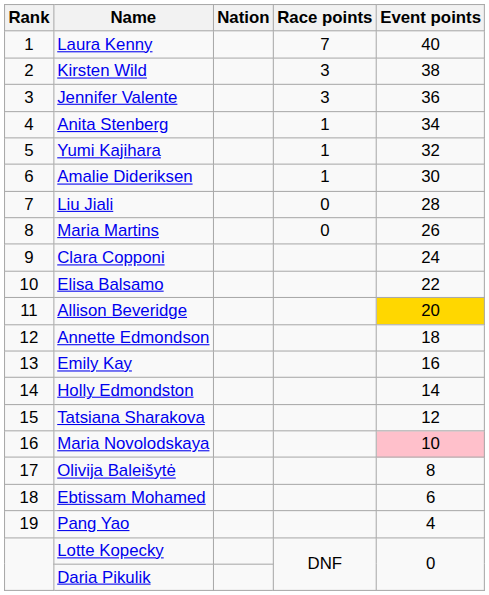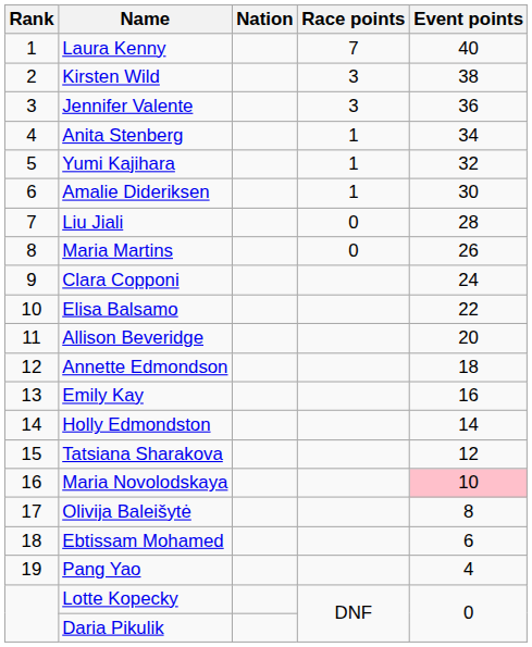 <table class="wikitable sortable" style="text-align:center">
 <tr>
 <th>Rank</th>
 <th>Name</th>
 <th>Nation</th>
 <th>Race points</th>
 <th>Event points</th>
 </tr>
 <tr>
 <td>1</td>
 <td align=left><a href='#'>Laura Kenny</a></td>
 <td align=left></td>
 <td>7</td>
 <td>40</td>
 </tr>
 <tr>
 <td>2</td>
 <td align=left><a href='#'>Kirsten Wild</a></td>
 <td align=left></td>
 <td>3</td>
 <td>38</td>
 </tr>
 <tr>
 <td>3</td>
 <td align=left><a href='#'>Jennifer Valente</a></td>
 <td align=left></td>
 <td>3</td>
 <td>36</td>
 </tr>
 <tr>
 <td>4</td>
 <td align=left><a href='#'>Anita Stenberg</a></td>
 <td align=left></td>
 <td>1</td>
 <td>34</td>
 </tr>
 <tr>
 <td>5</td>
 <td align=left><a href='#'>Yumi Kajihara</a></td>
 <td align=left></td>
 <td>1</td>
 <td>32</td>
 </tr>
 <tr>
 <td>6</td>
 <td align=left><a href='#'>Amalie Dideriksen</a></td>
 <td align=left></td>
 <td>1</td>
 <td>30</td>
 </tr>
 <tr>
 <td>7</td>
 <td align=left><a href='#'>Liu Jiali</a></td>
 <td align=left></td>
 <td>0</td>
 <td>28</td>
 </tr>
 <tr>
 <td>8</td>
 <td align=left><a href='#'>Maria Martins</a></td>
 <td align=left></td>
 <td>0</td>
 <td>26</td>
 </tr>
 <tr>
 <td>9</td>
 <td align=left><a href='#'>Clara Copponi</a></td>
 <td align=left></td>
 <td></td>
 <td>24</td>
 </tr>
 <tr>
 <td>10</td>
 <td align=left><a href='#'>Elisa Balsamo</a></td>
 <td align=left></td>
 <td></td>
 <td>22</td>
 </tr>
 <tr>
 <td>11</td>
 <td align=left><a href='#'>Allison Beveridge</a></td>
 <td align=left></td>
 <td></td>
-<td style="background: gold;">20</td>
+<td>20</td>
 </tr>
 <tr>
 <td>12</td>
 <td align=left><a href='#'>Annette Edmondson</a></td>
 <td align=left></td>
 <td></td>
 <td>18</td>
 </tr>
 <tr>
 <td>13</td>
 <td align=left><a href='#'>Emily Kay</a></td>
 <td align=left></td>
 <td></td>
 <td>16</td>
 </tr>
 <tr>
 <td>14</td>
 <td align=left><a href='#'>Holly Edmondston</a></td>
 <td align=left></td>
 <td></td>
 <td>14</td>
 </tr>
 <tr>
 <td>15</td>
 <td align=left><a href='#'>Tatsiana Sharakova</a></td>
 <td align=left></td>
 <td></td>
 <td>12</td>
 </tr>
 <tr>
 <td>16</td>
 <td align=left><a href='#'>Maria Novolodskaya</a></td>
 <td align=left></td>
 <td></td>
 <td style="background: pink;">10</td>
 </tr>
 <tr>
 <td>17</td>
 <td align=left><a href='#'>Olivija Baleišytė</a></td>
 <td align=left></td>
 <td></td>
 <td>8</td>
 </tr>
 <tr>
 <td>18</td>
 <td align=left><a href='#'>Ebtissam Mohamed</a></td>
 <td align=left></td>
 <td></td>
 <td>6</td>
 </tr>
 <tr>
 <td>19</td>
 <td align=left><a href='#'>Pang Yao</a></td>
 <td align=left></td>
 <td></td>
 <td>4</td>
 </tr>
 <tr>
 <td rowspan=2></td>
 <td align=left><a href='#'>Lotte Kopecky</a></td>
 <td align=left></td>
 <td rowspan=2>DNF</td>
 <td rowspan=2>0</td>
 </tr>
 <tr>
 <td align=left><a href='#'>Daria Pikulik</a></td>
 <td align=left></td>
 </tr>
 </table>
